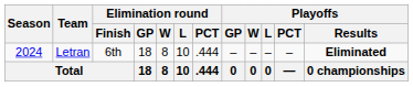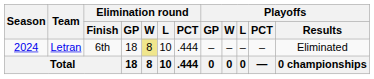 <table class="wikitable" style="text-align:center">
 <tr>
 <th rowspan="2">Season</th>
 <th rowspan="2">Team</th>
 <th colspan="5">Elimination round</th>
 <th colspan="5">Playoffs</th>
 </tr>
 <tr>
 <th>Finish</th>
 <th>GP</th>
 <th>W</th>
 <th>L</th>
 <th>PCT</th>
 <th>GP</th>
 <th>W</th>
 <th>L</th>
 <th>PCT</th>
 <th>Results</th>
 </tr>
 <tr>
 <td><a href='#'>2024</a></td>
 <td><a href='#'>Letran</a></td>
 <td>6th</td>
 <td>18</td>
-<td>8</td>
+<td style="background: khaki;">8</td>
 <td>10</td>
 <td>.444</td>
 <td>–</td>
 <td>–</td>
 <td>–</td>
 <td>–</td>
-<td><strong>Eliminated</strong></td>
+<td>Eliminated</td>
 </tr>
 <tr>
 <th colspan="3">Total</th>
 <th>18</th>
 <th>8</th>
 <th>10</th>
 <th>.444</th>
 <th>0</th>
 <th>0</th>
 <th>0</th>
 <th>—</th>
 <th>0 championships</th>
 </tr>
 </table>
